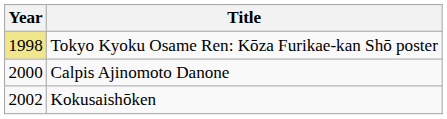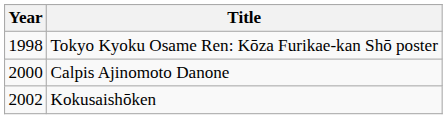 <table class="wikitable">
 <tr>
 <th>Year</th>
 <th>Title</th>
 </tr>
 <tr>
-<td style="background: khaki;">1998</td>
+<td>1998</td>
 <td>Tokyo Kyoku Osame Ren: Kōza Furikae-kan Shō poster</td>
 </tr>
 <tr>
 <td>2000</td>
 <td>Calpis Ajinomoto Danone</td>
 </tr>
 <tr>
 <td>2002</td>
 <td>Kokusaishōken</td>
 </tr>
 </table>
